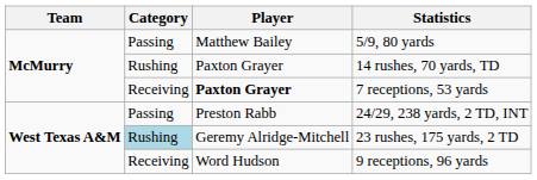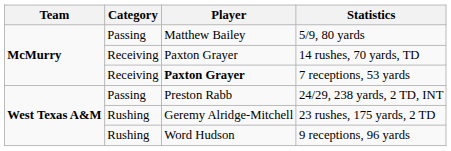 <table class="wikitable" style="float: left;">
 <tr>
 <th>Team</th>
 <th>Category</th>
 <th>Player</th>
 <th>Statistics</th>
 </tr>
 <tr>
 <td rowspan=3><strong>McMurry</strong></td>
 <td>Passing</td>
 <td>Matthew Bailey</td>
 <td>5/9, 80 yards</td>
 </tr>
 <tr>
-<td>Rushing</td>
+<td>Receiving</td>
 <td>Paxton Grayer</td>
 <td>14 rushes, 70 yards, TD</td>
 </tr>
 <tr>
 <td>Receiving</td>
 <td><strong>Paxton Grayer</strong></td>
 <td>7 receptions, 53 yards</td>
 </tr>
 <tr>
 <td rowspan=3><strong>West Texas A&M</strong></td>
 <td>Passing</td>
 <td>Preston Rabb</td>
 <td>24/29, 238 yards, 2 TD, INT</td>
 </tr>
 <tr>
-<td style="background: lightblue;">Rushing</td>
+<td>Rushing</td>
 <td>Geremy Alridge-Mitchell</td>
 <td>23 rushes, 175 yards, 2 TD</td>
 </tr>
 <tr>
-<td>Receiving</td>
+<td>Rushing</td>
 <td>Word Hudson</td>
 <td>9 receptions, 96 yards</td>
 </tr>
 </table>
